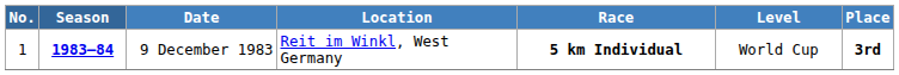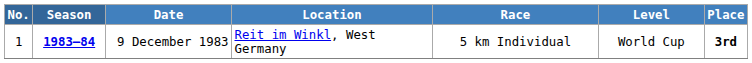 <table class="wikitable sortable" style="font-size:95%; text-align:center; border:grey solid 1px; border-collapse:collapse; background:#ffffff;">
 <tr style="background:#efefef;">
 <th style="background-color:#369; color:white;">No.</th>
 <th style="background-color:#369; color:white;">Season</th>
 <th style="background-color:#4180be; color:white; width:120px;">Date</th>
 <th style="background-color:#4180be; color:white; width:195px;">Location</th>
 <th style="background-color:#4180be; color:white; width:160px;">Race</th>
 <th style="background-color:#4180be; color:white; width:100px;">Level</th>
 <th style="background-color:#4180be; color:white;">Place</th>
 </tr>
 <tr>
 <td align=center>1</td>
 <td rowspan=1 align=center><strong> <a href='#'>1983–84</a> </strong></td>
 <td align=right>9 December 1983</td>
 <td align=left> <a href='#'>Reit im Winkl</a>, West Germany</td>
-<td><strong>5 km Individual</strong></td>
+<td>5 km Individual</td>
 <td>World Cup</td>
 <td><strong>3rd</strong></td>
 </tr>
 <tr>
 </tr>
 </table>
